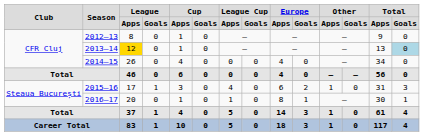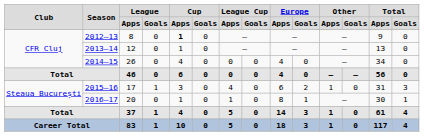 <table class="wikitable" style="text-align: center;">
 <tr>
 <th style="background: #DCDCDC; text-align: center" rowspan="2"><strong>Club</strong></th>
 <th style="background: #DCDCDC; text-align: center" rowspan="2"><strong>Season</strong></th>
 <th style="background: #DCDCDC; text-align: center" colspan="2"><strong>League</strong></th>
 <th style="background: #DCDCDC; text-align: center" colspan="2"><strong>Cup</strong></th>
 <th style="background: #DCDCDC; text-align: center" colspan="2"><strong>League Cup</strong></th>
 <th style="background: #DCDCDC; text-align: center" colspan="2"><a href='#'>Europe</a></th>
 <th style="background: #DCDCDC; text-align: center" colspan="2"><strong>Other</strong></th>
 <th style="background: #DCDCDC; text-align: center" colspan="3"><strong>Total</strong></th>
 </tr>
 <tr>
 <th style="background:#dcdcdc; text-align:center;">Apps</th>
 <th style="background:#dcdcdc; text-align:center;">Goals</th>
 <th style="background:#dcdcdc; text-align:center;">Apps</th>
 <th style="background:#dcdcdc; text-align:center;">Goals</th>
 <th style="background:#dcdcdc; text-align:center;">Apps</th>
 <th style="background:#dcdcdc; text-align:center;">Goals</th>
 <th style="background:#dcdcdc; text-align:center;">Apps</th>
 <th style="background:#dcdcdc; text-align:center;">Goals</th>
 <th style="background:#dcdcdc; text-align:center;">Apps</th>
 <th style="background:#dcdcdc; text-align:center;">Goals</th>
 <th style="background:#dcdcdc; text-align:center;">Apps</th>
 <th style="background:#dcdcdc; text-align:center;">Goals</th>
 </tr>
 <tr>
 <td rowspan="3"><a href='#'>CFR Cluj</a></td>
 <td><a href='#'>2012–13</a></td>
 <td>8</td>
 <td>0</td>
-<td>1</td>
+<td><strong>1</strong></td>
 <td>0</td>
 <td rowspan=1 colspan="2">–</td>
 <td rowspan=1 colspan="2">–</td>
 <td rowspan=1 colspan="2">–</td>
 <td>9</td>
 <td>0</td>
 </tr>
 <tr>
 <td><a href='#'>2013–14</a></td>
-<td style="background: gold;">12</td>
+<td>12</td>
 <td>0</td>
 <td>1</td>
 <td>0</td>
 <td rowspan=1 colspan="2">–</td>
 <td rowspan=1 colspan="2">–</td>
 <td rowspan=1 colspan="2">–</td>
 <td>13</td>
-<td style="background: lightblue;">0</td>
+<td>0</td>
 </tr>
 <tr>
 <td><a href='#'>2014–15</a></td>
 <td>26</td>
 <td>0</td>
 <td>4</td>
 <td>0</td>
 <td>0</td>
 <td>0</td>
 <td>4</td>
 <td>0</td>
 <td rowspan=1 colspan="2">–</td>
 <td>34</td>
 <td>0</td>
 </tr>
 <tr>
 <th style="background: #E5E5E5; text-align: center" colspan="2">Total</th>
 <th style="background:#e5e5e5; text-align:center;">46</th>
 <th style="background:#e5e5e5; text-align:center;">0</th>
 <th style="background:#e5e5e5; text-align:center;">6</th>
 <th style="background:#e5e5e5; text-align:center;">0</th>
 <th style="background:#e5e5e5; text-align:center;">0</th>
 <th style="background:#e5e5e5; text-align:center;">0</th>
 <th style="background:#e5e5e5; text-align:center;">4</th>
 <th style="background:#e5e5e5; text-align:center;">0</th>
 <th style="background:#e5e5e5; text-align:center;">–</th>
 <th style="background:#e5e5e5; text-align:center;">–</th>
 <th style="background:#e5e5e5; text-align:center;">56</th>
 <th style="background:#e5e5e5; text-align:center;">0</th>
 </tr>
 <tr>
 <td rowspan="2"><a href='#'>Steaua București</a></td>
 <td><a href='#'>2015–16</a></td>
 <td>17</td>
 <td>1</td>
 <td>3</td>
 <td>0</td>
 <td>4</td>
 <td>0</td>
 <td>6</td>
 <td>2</td>
 <td>1</td>
 <td>0</td>
 <td>31</td>
 <td>3</td>
 </tr>
 <tr>
 <td><a href='#'>2016–17</a></td>
 <td>20</td>
 <td>0</td>
 <td>1</td>
 <td>0</td>
 <td>1</td>
 <td>0</td>
 <td>8</td>
 <td>1</td>
 <td rowspan=1 colspan="2">–</td>
 <td>30</td>
 <td>1</td>
 </tr>
 <tr>
 <th style="background: #E5E5E5; text-align: center" colspan="2">Total</th>
 <th style="background:#e5e5e5; text-align:center;">37</th>
 <th style="background:#e5e5e5; text-align:center;">1</th>
 <th style="background:#e5e5e5; text-align:center;">4</th>
 <th style="background:#e5e5e5; text-align:center;">0</th>
 <th style="background:#e5e5e5; text-align:center;">5</th>
 <th style="background:#e5e5e5; text-align:center;">0</th>
 <th style="background:#e5e5e5; text-align:center;">14</th>
 <th style="background:#e5e5e5; text-align:center;">3</th>
 <th style="background:#e5e5e5; text-align:center;">1</th>
 <th style="background:#e5e5e5; text-align:center;">0</th>
 <th style="background:#e5e5e5; text-align:center;">61</th>
 <th style="background:#e5e5e5; text-align:center;">4</th>
 </tr>
 <tr>
 <th style="background: #b0c4de; text-align: center" colspan="2"><strong>Career Total</strong></th>
 <th style="background:#b0c4de; text-align:center;">83</th>
 <th style="background:#b0c4de; text-align:center;">1</th>
 <th style="background:#b0c4de; text-align:center;">10</th>
 <th style="background:#b0c4de; text-align:center;">0</th>
 <th style="background:#b0c4de; text-align:center;">5</th>
 <th style="background:#b0c4de; text-align:center;">0</th>
 <th style="background:#b0c4de; text-align:center;">18</th>
 <th style="background:#b0c4de; text-align:center;">3</th>
 <th style="background:#b0c4de; text-align:center;">1</th>
 <th style="background:#b0c4de; text-align:center;">0</th>
 <th style="background:#b0c4de; text-align:center;">117</th>
 <th style="background:#b0c4de; text-align:center;">4</th>
 </tr>
 </table>
